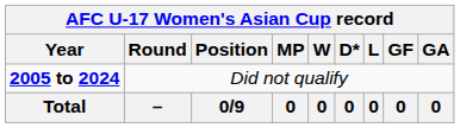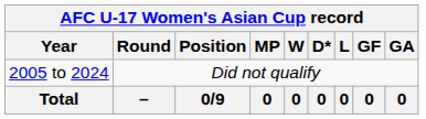 <table class="wikitable" style="text-align: center;">
 <tr>
 <th colspan=10><a href='#'>AFC U-17 Women's Asian Cup</a> record</th>
 </tr>
 <tr>
 <th>Year</th>
 <th>Round</th>
 <th>Position</th>
 <th>MP</th>
 <th>W</th>
 <th>D*</th>
 <th>L</th>
 <th>GF</th>
 <th>GA</th>
 </tr>
 <tr>
-<td><strong> <a href='#'>2005</a> to   <a href='#'>2024</a></strong></td>
+<td> <a href='#'>2005</a> to   <a href='#'>2024</a></td>
 <td colspan=9><em>Did not qualify</em></td>
 </tr>
 <tr>
 <th>Total</th>
 <th>–</th>
 <th>0/9</th>
 <th>0</th>
 <th>0</th>
 <th>0</th>
 <th>0</th>
 <th>0</th>
 <th>0</th>
 </tr>
 </table>
